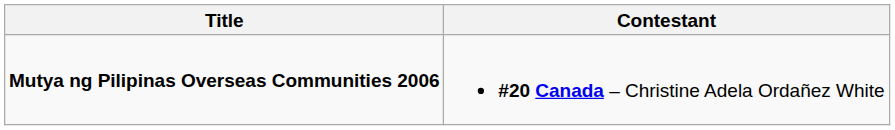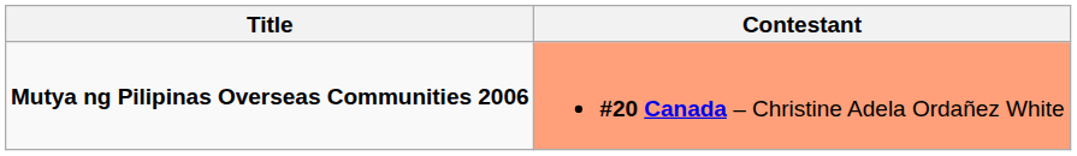 <table class="wikitable sortable" style="font-size: 95%;">
 <tr>
 <th>Title</th>
 <th>Contestant</th>
 </tr>
 <tr>
 <td><strong>Mutya ng Pilipinas Overseas Communities 2006</strong></td>
-<td><br><ul><li><strong>#20 <a href='#'>Canada</a></strong> – Christine Adela Ordañez White</li></ul></td>
+<td style="background: lightsalmon;"><br><ul><li><strong>#20 <a href='#'>Canada</a></strong> – Christine Adela Ordañez White</li></ul></td>
 </tr>
 </table>
